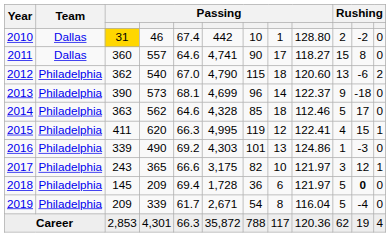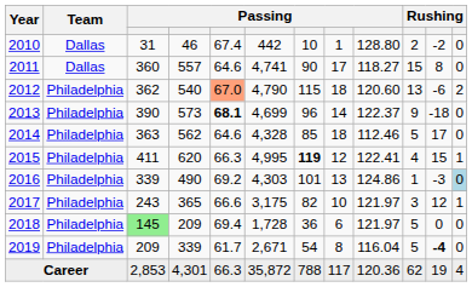 <table class="wikitable sortable" style="text-align:center">
 <tr>
 <th rowspan=2>Year</th>
 <th rowspan=2>Team</th>
 <th colspan=7>Passing</th>
 <th colspan=3>Rushing</th>
 </tr>
 <tr>
 <th></th>
 <th></th>
 <th></th>
 <th></th>
 <th></th>
 <th></th>
 <th></th>
 <th></th>
 <th></th>
 <th></th>
 </tr>
 <tr>
 <td><a href='#'>2010</a></td>
 <td><a href='#'>Dallas</a></td>
-<td style="background: gold;">31</td>
+<td>31</td>
 <td>46</td>
 <td>67.4</td>
 <td>442</td>
 <td>10</td>
 <td>1</td>
 <td>128.80</td>
 <td>2</td>
 <td>-2</td>
 <td>0</td>
 </tr>
 <tr>
 <td><a href='#'>2011</a></td>
 <td><a href='#'>Dallas</a></td>
 <td>360</td>
 <td>557</td>
 <td>64.6</td>
 <td>4,741</td>
 <td>90</td>
 <td>17</td>
 <td>118.27</td>
 <td>15</td>
 <td>8</td>
 <td>0</td>
 </tr>
 <tr>
 <td><a href='#'>2012</a></td>
 <td><a href='#'>Philadelphia</a></td>
 <td>362</td>
 <td>540</td>
-<td>67.0</td>
+<td style="background: lightsalmon;">67.0</td>
 <td>4,790</td>
 <td>115</td>
 <td>18</td>
 <td>120.60</td>
 <td>13</td>
 <td>-6</td>
 <td>2</td>
 </tr>
 <tr>
 <td><a href='#'>2013</a></td>
 <td><a href='#'>Philadelphia</a></td>
 <td>390</td>
 <td>573</td>
-<td>68.1</td>
+<td><strong>68.1</strong></td>
 <td>4,699</td>
 <td>96</td>
 <td>14</td>
 <td>122.37</td>
 <td>9</td>
 <td>-18</td>
 <td>0</td>
 </tr>
 <tr>
 <td><a href='#'>2014</a></td>
 <td><a href='#'>Philadelphia</a></td>
 <td>363</td>
 <td>562</td>
 <td>64.6</td>
 <td>4,328</td>
 <td>85</td>
 <td>18</td>
 <td>112.46</td>
 <td>5</td>
 <td>17</td>
 <td>0</td>
 </tr>
 <tr>
 <td><a href='#'>2015</a></td>
 <td><a href='#'>Philadelphia</a></td>
 <td>411</td>
 <td>620</td>
 <td>66.3</td>
 <td>4,995</td>
-<td>119</td>
+<td><strong>119</strong></td>
 <td>12</td>
 <td>122.41</td>
 <td>4</td>
 <td>15</td>
 <td>1</td>
 </tr>
 <tr>
 <td><a href='#'>2016</a></td>
 <td><a href='#'>Philadelphia</a></td>
 <td>339</td>
 <td>490</td>
 <td>69.2</td>
 <td>4,303</td>
 <td>101</td>
 <td>13</td>
 <td>124.86</td>
 <td>1</td>
 <td>-3</td>
-<td>0</td>
+<td style="background: lightblue;">0</td>
 </tr>
 <tr>
 <td><a href='#'>2017</a></td>
 <td><a href='#'>Philadelphia</a></td>
 <td>243</td>
 <td>365</td>
 <td>66.6</td>
 <td>3,175</td>
 <td>82</td>
 <td>10</td>
 <td>121.97</td>
 <td>3</td>
 <td>12</td>
 <td>1</td>
 </tr>
 <tr>
 <td><a href='#'>2018</a></td>
 <td><a href='#'>Philadelphia</a></td>
-<td>145</td>
+<td style="background: lightgreen;">145</td>
 <td>209</td>
 <td>69.4</td>
 <td>1,728</td>
 <td>36</td>
 <td>6</td>
 <td>121.97</td>
 <td>5</td>
-<td><strong>0</strong></td>
+<td>0</td>
 <td>0</td>
 </tr>
 <tr>
 <td><a href='#'>2019</a></td>
 <td><a href='#'>Philadelphia</a></td>
 <td>209</td>
 <td>339</td>
 <td>61.7</td>
 <td>2,671</td>
 <td>54</td>
 <td>8</td>
 <td>116.04</td>
 <td>5</td>
-<td>-4</td>
+<td><strong>-4</strong></td>
 <td>0</td>
 </tr>
 <tr class="sortbottom" style="background:#eee;">
 <td colspan="2"><strong>Career</strong></td>
 <td>2,853</td>
 <td>4,301</td>
 <td>66.3</td>
 <td>35,872</td>
 <td>788</td>
 <td>117</td>
 <td>120.36</td>
 <td>62</td>
 <td>19</td>
 <td>4</td>
 </tr>
 </table>
